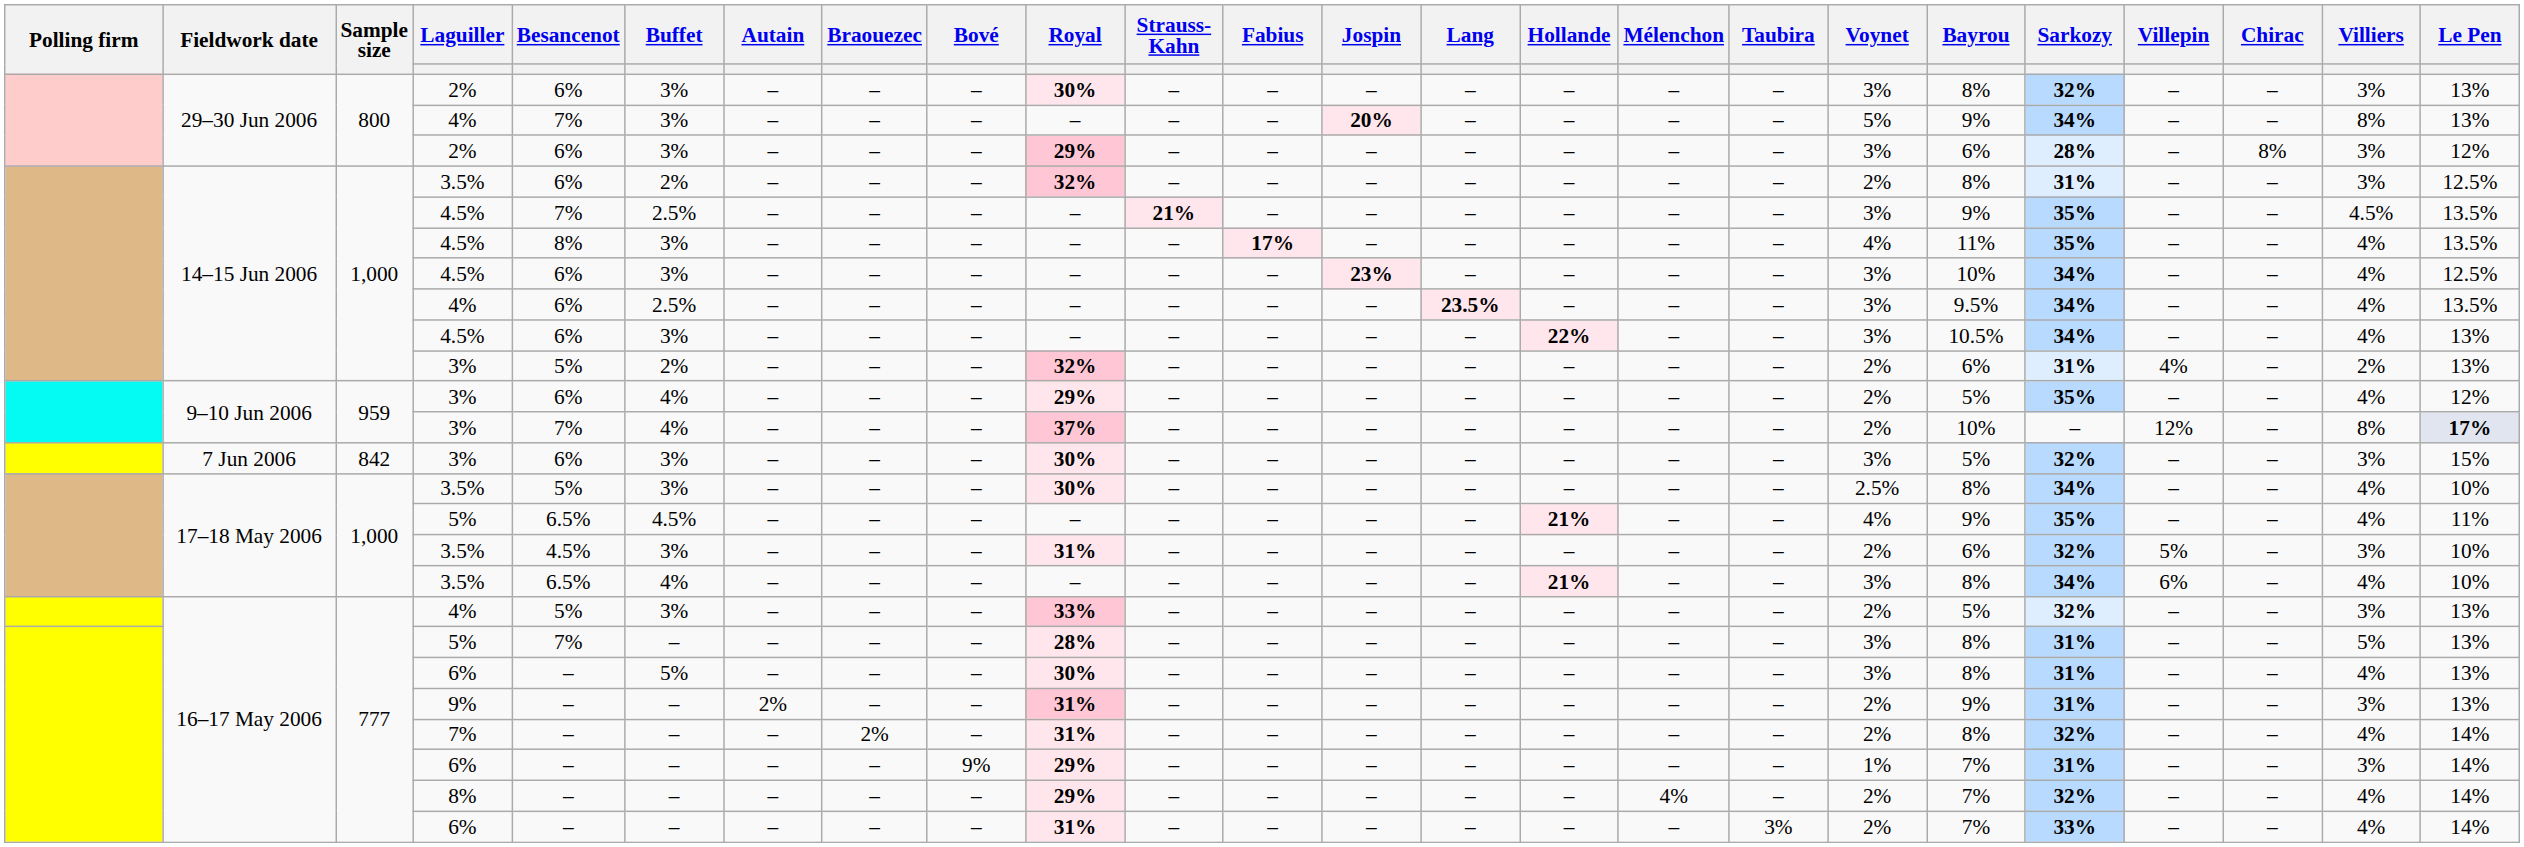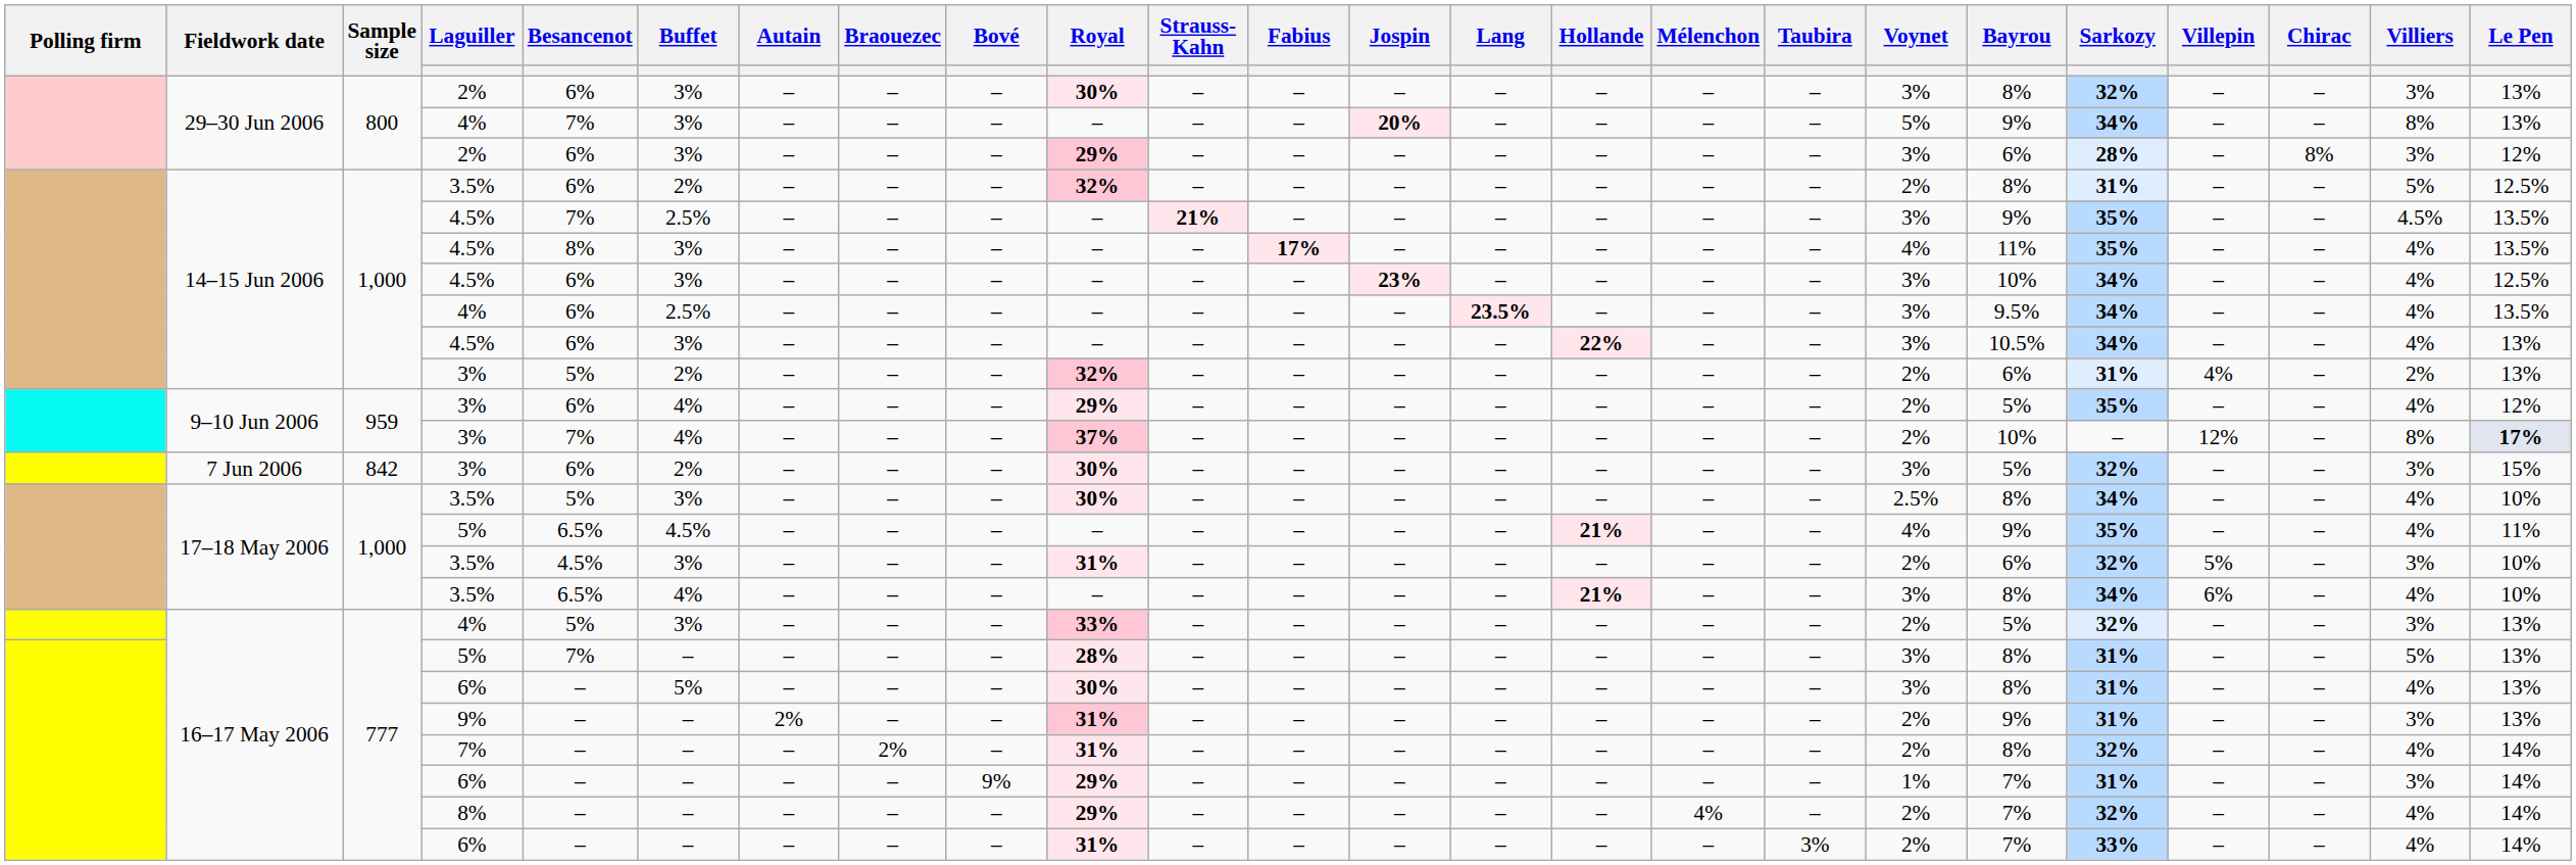 <table class="wikitable sortable" style="text-align:center;font-size:90%;line-height:14px;">
 <tr style="height:40px;">
 <th style="width:100px;" rowspan="2">Polling firm</th>
 <th style="width:110px;" rowspan="2">Fieldwork date</th>
 <th style="width:35px;" rowspan="2">Sample<br>size</th>
 <th class="unsortable" style="width:60px;"><a href='#'>Laguiller</a><br></th>
 <th class="unsortable" style="width:60px;"><a href='#'>Besancenot</a><br></th>
 <th class="unsortable" style="width:60px;"><a href='#'>Buffet</a><br></th>
 <th class="unsortable" style="width:60px;"><a href='#'>Autain</a><br></th>
 <th class="unsortable" style="width:60px;"><a href='#'>Braouezec</a><br></th>
 <th class="unsortable" style="width:60px;"><a href='#'>Bové</a><br></th>
 <th class="unsortable" style="width:60px;"><a href='#'>Royal</a><br></th>
 <th class="unsortable" style="width:60px;"><a href='#'>Strauss-Kahn</a><br></th>
 <th class="unsortable" style="width:60px;"><a href='#'>Fabius</a><br></th>
 <th class="unsortable" style="width:60px;"><a href='#'>Jospin</a><br></th>
 <th class="unsortable" style="width:60px;"><a href='#'>Lang</a><br></th>
 <th class="unsortable" style="width:60px;"><a href='#'>Hollande</a><br></th>
 <th class="unsortable" style="width:60px;"><a href='#'>Mélenchon</a><br></th>
 <th class="unsortable" style="width:60px;"><a href='#'>Taubira</a><br></th>
 <th class="unsortable" style="width:60px;"><a href='#'>Voynet</a><br></th>
 <th class="unsortable" style="width:60px;"><a href='#'>Bayrou</a><br></th>
 <th class="unsortable" style="width:60px;"><a href='#'>Sarkozy</a><br></th>
 <th class="unsortable" style="width:60px;"><a href='#'>Villepin</a><br></th>
 <th class="unsortable" style="width:60px;"><a href='#'>Chirac</a><br></th>
 <th class="unsortable" style="width:60px;"><a href='#'>Villiers</a><br></th>
 <th class="unsortable" style="width:60px;"><a href='#'>Le Pen</a><br></th>
 </tr>
 <tr>
 <th style="background:"></th>
 <th style="background:"></th>
 <th style="background:"></th>
 <th style="background:"></th>
 <th style="background:"></th>
 <th style="background:"></th>
 <th style="background:"></th>
 <th style="background:"></th>
 <th style="background:"></th>
 <th style="background:"></th>
 <th style="background:"></th>
 <th style="background:"></th>
 <th style="background:"></th>
 <th style="background:"></th>
 <th style="background:"></th>
 <th style="background:"></th>
 <th style="background:"></th>
 <th style="background:"></th>
 <th style="background:"></th>
 <th style="background:"></th>
 <th style="background:"></th>
 </tr>
 <tr>
 <td rowspan="3" style="background:#FFCCCC;"></td>
 <td rowspan="3" data-sort-value="2006-06-30">29–30 Jun 2006</td>
 <td rowspan="3">800</td>
 <td>2%</td>
 <td>6%</td>
 <td>3%</td>
 <td>–</td>
 <td>–</td>
 <td>–</td>
 <td style="background:#FFE6EC;"><strong>30%</strong></td>
 <td>–</td>
 <td>–</td>
 <td>–</td>
 <td>–</td>
 <td>–</td>
 <td>–</td>
 <td>–</td>
 <td>3%</td>
 <td>8%</td>
 <td style="background:#B9DAFF;"><strong>32%</strong></td>
 <td>–</td>
 <td>–</td>
 <td>3%</td>
 <td>13%</td>
 </tr>
 <tr>
 <td>4%</td>
 <td>7%</td>
 <td>3%</td>
 <td>–</td>
 <td>–</td>
 <td>–</td>
 <td>–</td>
 <td>–</td>
 <td>–</td>
 <td style="background:#FFE6EC;"><strong>20%</strong></td>
 <td>–</td>
 <td>–</td>
 <td>–</td>
 <td>–</td>
 <td>5%</td>
 <td>9%</td>
 <td style="background:#B9DAFF;"><strong>34%</strong></td>
 <td>–</td>
 <td>–</td>
 <td>8%</td>
 <td>13%</td>
 </tr>
 <tr>
 <td>2%</td>
 <td>6%</td>
 <td>3%</td>
 <td>–</td>
 <td>–</td>
 <td>–</td>
 <td style="background:#FFC6D5;"><strong>29%</strong></td>
 <td>–</td>
 <td>–</td>
 <td>–</td>
 <td>–</td>
 <td>–</td>
 <td>–</td>
 <td>–</td>
 <td>3%</td>
 <td>6%</td>
 <td style="background:#DFEEFF;"><strong>28%</strong></td>
 <td>–</td>
 <td>8%</td>
 <td>3%</td>
 <td>12%</td>
 </tr>
 <tr>
 <td rowspan="7" style="background:burlywood;"></td>
 <td rowspan="7" data-sort-value="2006-06-15">14–15 Jun 2006</td>
 <td rowspan="7">1,000</td>
 <td>3.5%</td>
 <td>6%</td>
 <td>2%</td>
 <td>–</td>
 <td>–</td>
 <td>–</td>
 <td style="background:#FFC6D5;"><strong>32%</strong></td>
 <td>–</td>
 <td>–</td>
 <td>–</td>
 <td>–</td>
 <td>–</td>
 <td>–</td>
 <td>–</td>
 <td>2%</td>
 <td>8%</td>
 <td style="background:#DFEEFF;"><strong>31%</strong></td>
 <td>–</td>
 <td>–</td>
-<td>3%</td>
+<td>5%</td>
 <td>12.5%</td>
 </tr>
 <tr>
 <td>4.5%</td>
 <td>7%</td>
 <td>2.5%</td>
 <td>–</td>
 <td>–</td>
 <td>–</td>
 <td>–</td>
 <td style="background:#FFE6EC;"><strong>21%</strong></td>
 <td>–</td>
 <td>–</td>
 <td>–</td>
 <td>–</td>
 <td>–</td>
 <td>–</td>
 <td>3%</td>
 <td>9%</td>
 <td style="background:#B9DAFF;"><strong>35%</strong></td>
 <td>–</td>
 <td>–</td>
 <td>4.5%</td>
 <td>13.5%</td>
 </tr>
 <tr>
 <td>4.5%</td>
 <td>8%</td>
 <td>3%</td>
 <td>–</td>
 <td>–</td>
 <td>–</td>
 <td>–</td>
 <td>–</td>
 <td style="background:#FFE6EC;"><strong>17%</strong></td>
 <td>–</td>
 <td>–</td>
 <td>–</td>
 <td>–</td>
 <td>–</td>
 <td>4%</td>
 <td>11%</td>
 <td style="background:#B9DAFF;"><strong>35%</strong></td>
 <td>–</td>
 <td>–</td>
 <td>4%</td>
 <td>13.5%</td>
 </tr>
 <tr>
 <td>4.5%</td>
 <td>6%</td>
 <td>3%</td>
 <td>–</td>
 <td>–</td>
 <td>–</td>
 <td>–</td>
 <td>–</td>
 <td>–</td>
 <td style="background:#FFE6EC;"><strong>23%</strong></td>
 <td>–</td>
 <td>–</td>
 <td>–</td>
 <td>–</td>
 <td>3%</td>
 <td>10%</td>
 <td style="background:#B9DAFF;"><strong>34%</strong></td>
 <td>–</td>
 <td>–</td>
 <td>4%</td>
 <td>12.5%</td>
 </tr>
 <tr>
 <td>4%</td>
 <td>6%</td>
 <td>2.5%</td>
 <td>–</td>
 <td>–</td>
 <td>–</td>
 <td>–</td>
 <td>–</td>
 <td>–</td>
 <td>–</td>
 <td style="background:#FFE6EC;"><strong>23.5%</strong></td>
 <td>–</td>
 <td>–</td>
 <td>–</td>
 <td>3%</td>
 <td>9.5%</td>
 <td style="background:#B9DAFF;"><strong>34%</strong></td>
 <td>–</td>
 <td>–</td>
 <td>4%</td>
 <td>13.5%</td>
 </tr>
 <tr>
 <td>4.5%</td>
 <td>6%</td>
 <td>3%</td>
 <td>–</td>
 <td>–</td>
 <td>–</td>
 <td>–</td>
 <td>–</td>
 <td>–</td>
 <td>–</td>
 <td>–</td>
 <td style="background:#FFE6EC;"><strong>22%</strong></td>
 <td>–</td>
 <td>–</td>
 <td>3%</td>
 <td>10.5%</td>
 <td style="background:#B9DAFF;"><strong>34%</strong></td>
 <td>–</td>
 <td>–</td>
 <td>4%</td>
 <td>13%</td>
 </tr>
 <tr>
 <td>3%</td>
 <td>5%</td>
 <td>2%</td>
 <td>–</td>
 <td>–</td>
 <td>–</td>
 <td style="background:#FFC6D5;"><strong>32%</strong></td>
 <td>–</td>
 <td>–</td>
 <td>–</td>
 <td>–</td>
 <td>–</td>
 <td>–</td>
 <td>–</td>
 <td>2%</td>
 <td>6%</td>
 <td style="background:#DFEEFF;"><strong>31%</strong></td>
 <td>4%</td>
 <td>–</td>
 <td>2%</td>
 <td>13%</td>
 </tr>
 <tr>
 <td rowspan="2" style="background:#04FBF4;"></td>
 <td rowspan="2" data-sort-value="2006-06-10">9–10 Jun 2006</td>
 <td rowspan="2">959</td>
 <td>3%</td>
 <td>6%</td>
 <td>4%</td>
 <td>–</td>
 <td>–</td>
 <td>–</td>
 <td style="background:#FFE6EC;"><strong>29%</strong></td>
 <td>–</td>
 <td>–</td>
 <td>–</td>
 <td>–</td>
 <td>–</td>
 <td>–</td>
 <td>–</td>
 <td>2%</td>
 <td>5%</td>
 <td style="background:#B9DAFF;"><strong>35%</strong></td>
 <td>–</td>
 <td>–</td>
 <td>4%</td>
 <td>12%</td>
 </tr>
 <tr>
 <td>3%</td>
 <td>7%</td>
 <td>4%</td>
 <td>–</td>
 <td>–</td>
 <td>–</td>
 <td style="background:#FFC6D5;"><strong>37%</strong></td>
 <td>–</td>
 <td>–</td>
 <td>–</td>
 <td>–</td>
 <td>–</td>
 <td>–</td>
 <td>–</td>
 <td>2%</td>
 <td>10%</td>
 <td>–</td>
 <td>12%</td>
 <td>–</td>
 <td>8%</td>
 <td style="background:#E0E5F0;"><strong>17%</strong></td>
 </tr>
 <tr>
 <td style="background:yellow;"></td>
 <td data-sort-value="2006-06-07">7 Jun 2006</td>
 <td>842</td>
 <td>3%</td>
 <td>6%</td>
-<td>3%</td>
+<td>2%</td>
 <td>–</td>
 <td>–</td>
 <td>–</td>
 <td style="background:#FFE6EC;"><strong>30%</strong></td>
 <td>–</td>
 <td>–</td>
 <td>–</td>
 <td>–</td>
 <td>–</td>
 <td>–</td>
 <td>–</td>
 <td>3%</td>
 <td>5%</td>
 <td style="background:#B9DAFF;"><strong>32%</strong></td>
 <td>–</td>
 <td>–</td>
 <td>3%</td>
 <td>15%</td>
 </tr>
 <tr>
 <td rowspan="4" style="background:burlywood;"></td>
 <td rowspan="4" data-sort-value="2006-05-18">17–18 May 2006</td>
 <td rowspan="4">1,000</td>
 <td>3.5%</td>
 <td>5%</td>
 <td>3%</td>
 <td>–</td>
 <td>–</td>
 <td>–</td>
 <td style="background:#FFE6EC;"><strong>30%</strong></td>
 <td>–</td>
 <td>–</td>
 <td>–</td>
 <td>–</td>
 <td>–</td>
 <td>–</td>
 <td>–</td>
 <td>2.5%</td>
 <td>8%</td>
 <td style="background:#B9DAFF;"><strong>34%</strong></td>
 <td>–</td>
 <td>–</td>
 <td>4%</td>
 <td>10%</td>
 </tr>
 <tr>
 <td>5%</td>
 <td>6.5%</td>
 <td>4.5%</td>
 <td>–</td>
 <td>–</td>
 <td>–</td>
 <td>–</td>
 <td>–</td>
 <td>–</td>
 <td>–</td>
 <td>–</td>
 <td style="background:#FFE6EC;"><strong>21%</strong></td>
 <td>–</td>
 <td>–</td>
 <td>4%</td>
 <td>9%</td>
 <td style="background:#B9DAFF;"><strong>35%</strong></td>
 <td>–</td>
 <td>–</td>
 <td>4%</td>
 <td>11%</td>
 </tr>
 <tr>
 <td>3.5%</td>
 <td>4.5%</td>
 <td>3%</td>
 <td>–</td>
 <td>–</td>
 <td>–</td>
 <td style="background:#FFE6EC;"><strong>31%</strong></td>
 <td>–</td>
 <td>–</td>
 <td>–</td>
 <td>–</td>
 <td>–</td>
 <td>–</td>
 <td>–</td>
 <td>2%</td>
 <td>6%</td>
 <td style="background:#B9DAFF;"><strong>32%</strong></td>
 <td>5%</td>
 <td>–</td>
 <td>3%</td>
 <td>10%</td>
 </tr>
 <tr>
 <td>3.5%</td>
 <td>6.5%</td>
 <td>4%</td>
 <td>–</td>
 <td>–</td>
 <td>–</td>
 <td>–</td>
 <td>–</td>
 <td>–</td>
 <td>–</td>
 <td>–</td>
 <td style="background:#FFE6EC;"><strong>21%</strong></td>
 <td>–</td>
 <td>–</td>
 <td>3%</td>
 <td>8%</td>
 <td style="background:#B9DAFF;"><strong>34%</strong></td>
 <td>6%</td>
 <td>–</td>
 <td>4%</td>
 <td>10%</td>
 </tr>
 <tr>
 <td style="background:yellow;"></td>
 <td rowspan="8" data-sort-value="2006-05-17">16–17 May 2006</td>
 <td rowspan="8">777</td>
 <td>4%</td>
 <td>5%</td>
 <td>3%</td>
 <td>–</td>
 <td>–</td>
 <td>–</td>
 <td style="background:#FFC6D5;"><strong>33%</strong></td>
 <td>–</td>
 <td>–</td>
 <td>–</td>
 <td>–</td>
 <td>–</td>
 <td>–</td>
 <td>–</td>
 <td>2%</td>
 <td>5%</td>
 <td style="background:#DFEEFF;"><strong>32%</strong></td>
 <td>–</td>
 <td>–</td>
 <td>3%</td>
 <td>13%</td>
 </tr>
 <tr>
 <td rowspan="7" style="background:yellow;"></td>
 <td>5%</td>
 <td>7%</td>
 <td>–</td>
 <td>–</td>
 <td>–</td>
 <td>–</td>
 <td style="background:#FFE6EC;"><strong>28%</strong></td>
 <td>–</td>
 <td>–</td>
 <td>–</td>
 <td>–</td>
 <td>–</td>
 <td>–</td>
 <td>–</td>
 <td>3%</td>
 <td>8%</td>
 <td style="background:#B9DAFF;"><strong>31%</strong></td>
 <td>–</td>
 <td>–</td>
 <td>5%</td>
 <td>13%</td>
 </tr>
 <tr>
 <td>6%</td>
 <td>–</td>
 <td>5%</td>
 <td>–</td>
 <td>–</td>
 <td>–</td>
 <td style="background:#FFE6EC;"><strong>30%</strong></td>
 <td>–</td>
 <td>–</td>
 <td>–</td>
 <td>–</td>
 <td>–</td>
 <td>–</td>
 <td>–</td>
 <td>3%</td>
 <td>8%</td>
 <td style="background:#B9DAFF;"><strong>31%</strong></td>
 <td>–</td>
 <td>–</td>
 <td>4%</td>
 <td>13%</td>
 </tr>
 <tr>
 <td>9%</td>
 <td>–</td>
 <td>–</td>
 <td>2%</td>
 <td>–</td>
 <td>–</td>
 <td style="background:#FFC6D5;"><strong>31%</strong></td>
 <td>–</td>
 <td>–</td>
 <td>–</td>
 <td>–</td>
 <td>–</td>
 <td>–</td>
 <td>–</td>
 <td>2%</td>
 <td>9%</td>
 <td style="background:#B9DAFF;"><strong>31%</strong></td>
 <td>–</td>
 <td>–</td>
 <td>3%</td>
 <td>13%</td>
 </tr>
 <tr>
 <td>7%</td>
 <td>–</td>
 <td>–</td>
 <td>–</td>
 <td>2%</td>
 <td>–</td>
 <td style="background:#FFE6EC;"><strong>31%</strong></td>
 <td>–</td>
 <td>–</td>
 <td>–</td>
 <td>–</td>
 <td>–</td>
 <td>–</td>
 <td>–</td>
 <td>2%</td>
 <td>8%</td>
 <td style="background:#B9DAFF;"><strong>32%</strong></td>
 <td>–</td>
 <td>–</td>
 <td>4%</td>
 <td>14%</td>
 </tr>
 <tr>
 <td>6%</td>
 <td>–</td>
 <td>–</td>
 <td>–</td>
 <td>–</td>
 <td>9%</td>
 <td style="background:#FFE6EC;"><strong>29%</strong></td>
 <td>–</td>
 <td>–</td>
 <td>–</td>
 <td>–</td>
 <td>–</td>
 <td>–</td>
 <td>–</td>
 <td>1%</td>
 <td>7%</td>
 <td style="background:#B9DAFF;"><strong>31%</strong></td>
 <td>–</td>
 <td>–</td>
 <td>3%</td>
 <td>14%</td>
 </tr>
 <tr>
 <td>8%</td>
 <td>–</td>
 <td>–</td>
 <td>–</td>
 <td>–</td>
 <td>–</td>
 <td style="background:#FFE6EC;"><strong>29%</strong></td>
 <td>–</td>
 <td>–</td>
 <td>–</td>
 <td>–</td>
 <td>–</td>
 <td>4%</td>
 <td>–</td>
 <td>2%</td>
 <td>7%</td>
 <td style="background:#B9DAFF;"><strong>32%</strong></td>
 <td>–</td>
 <td>–</td>
 <td>4%</td>
 <td>14%</td>
 </tr>
 <tr>
 <td>6%</td>
 <td>–</td>
 <td>–</td>
 <td>–</td>
 <td>–</td>
 <td>–</td>
 <td style="background:#FFE6EC;"><strong>31%</strong></td>
 <td>–</td>
 <td>–</td>
 <td>–</td>
 <td>–</td>
 <td>–</td>
 <td>–</td>
 <td>3%</td>
 <td>2%</td>
 <td>7%</td>
 <td style="background:#B9DAFF;"><strong>33%</strong></td>
 <td>–</td>
 <td>–</td>
 <td>4%</td>
 <td>14%</td>
 </tr>
 </table>
